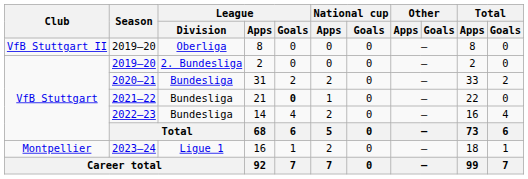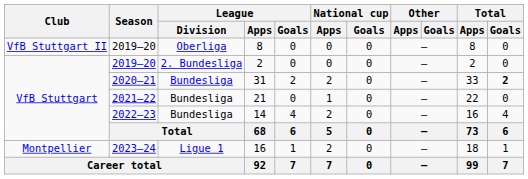 <table class="wikitable" style="text-align:center">
 <tr>
 <th rowspan="2">Club</th>
 <th rowspan="2">Season</th>
 <th colspan="3">League</th>
 <th colspan="2">National cup</th>
 <th colspan="2">Other</th>
 <th colspan="2">Total</th>
 </tr>
 <tr>
 <th>Division</th>
 <th>Apps</th>
 <th>Goals</th>
 <th>Apps</th>
 <th>Goals</th>
 <th>Apps</th>
 <th>Goals</th>
 <th>Apps</th>
 <th>Goals</th>
 </tr>
 <tr>
 <td><a href='#'>VfB Stuttgart II</a></td>
 <td>2019–20</td>
 <td><a href='#'>Oberliga</a></td>
 <td>8</td>
 <td>0</td>
 <td>0</td>
 <td>0</td>
 <td colspan="2">—</td>
 <td>8</td>
 <td>0</td>
 </tr>
 <tr>
 <td rowspan="5"><a href='#'>VfB Stuttgart</a></td>
 <td><a href='#'>2019–20</a></td>
 <td><a href='#'>2. Bundesliga</a></td>
 <td>2</td>
 <td>0</td>
 <td>0</td>
 <td>0</td>
 <td colspan="2">—</td>
 <td>2</td>
 <td>0</td>
 </tr>
 <tr>
 <td><a href='#'>2020–21</a></td>
 <td><a href='#'>Bundesliga</a></td>
 <td>31</td>
 <td>2</td>
 <td>2</td>
 <td>0</td>
 <td colspan="2">—</td>
 <td>33</td>
-<td>2</td>
+<td><strong>2</strong></td>
 </tr>
 <tr>
 <td><a href='#'>2021–22</a></td>
 <td>Bundesliga</td>
 <td>21</td>
-<td><strong>0</strong></td>
+<td>0</td>
 <td>1</td>
 <td>0</td>
 <td colspan="2">—</td>
 <td>22</td>
 <td>0</td>
 </tr>
 <tr>
 <td><a href='#'>2022–23</a></td>
 <td>Bundesliga</td>
 <td>14</td>
 <td>4</td>
 <td>2</td>
 <td>0</td>
 <td colspan="2">—</td>
 <td>16</td>
 <td>4</td>
 </tr>
 <tr>
 <th colspan="2">Total</th>
 <th>68</th>
 <th>6</th>
 <th>5</th>
 <th>0</th>
 <th colspan="2">—</th>
 <th>73</th>
 <th>6</th>
 </tr>
 <tr>
 <td><a href='#'>Montpellier</a></td>
 <td><a href='#'>2023–24</a></td>
 <td><a href='#'>Ligue 1</a></td>
 <td>16</td>
 <td>1</td>
 <td>2</td>
 <td>0</td>
 <td colspan="2">—</td>
 <td>18</td>
 <td>1</td>
 </tr>
 <tr>
 <th colspan="3">Career total</th>
 <th>92</th>
 <th>7</th>
 <th>7</th>
 <th>0</th>
 <th colspan="2">—</th>
 <th>99</th>
 <th>7</th>
 </tr>
 </table>
